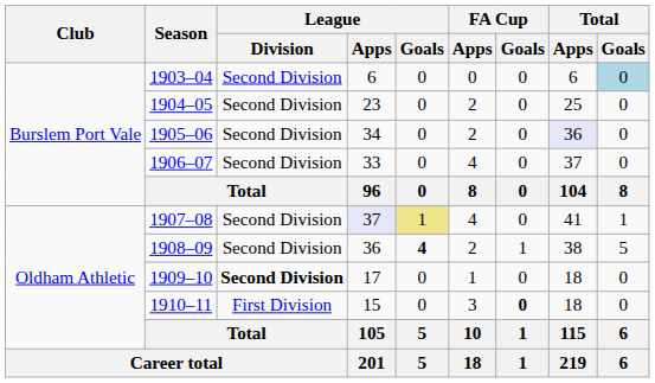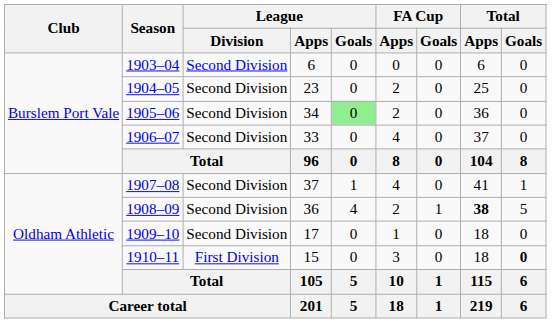 <table class="wikitable" style="text-align: center;">
 <tr>
 <th rowspan="2">Club</th>
 <th rowspan="2">Season</th>
 <th colspan="3">League</th>
 <th colspan="2">FA Cup</th>
 <th colspan="2">Total</th>
 </tr>
 <tr>
 <th>Division</th>
 <th>Apps</th>
 <th>Goals</th>
 <th>Apps</th>
 <th>Goals</th>
 <th>Apps</th>
 <th>Goals</th>
 </tr>
 <tr>
 <td rowspan="5"><a href='#'>Burslem Port Vale</a></td>
 <td><a href='#'>1903–04</a></td>
 <td><a href='#'>Second Division</a></td>
 <td>6</td>
 <td>0</td>
 <td>0</td>
 <td>0</td>
 <td>6</td>
-<td style="background: lightblue;">0</td>
+<td>0</td>
 </tr>
 <tr>
 <td><a href='#'>1904–05</a></td>
 <td>Second Division</td>
 <td>23</td>
 <td>0</td>
 <td>2</td>
 <td>0</td>
 <td>25</td>
 <td>0</td>
 </tr>
 <tr>
 <td><a href='#'>1905–06</a></td>
 <td>Second Division</td>
 <td>34</td>
-<td>0</td>
+<td style="background: lightgreen;">0</td>
 <td>2</td>
 <td>0</td>
-<td style="background: lavender;">36</td>
+<td>36</td>
 <td>0</td>
 </tr>
 <tr>
 <td><a href='#'>1906–07</a></td>
 <td>Second Division</td>
 <td>33</td>
 <td>0</td>
 <td>4</td>
 <td>0</td>
 <td>37</td>
 <td>0</td>
 </tr>
 <tr>
 <th colspan="2">Total</th>
 <th>96</th>
 <th>0</th>
 <th>8</th>
 <th>0</th>
 <th>104</th>
 <th>8</th>
 </tr>
 <tr>
 <td rowspan="5"><a href='#'>Oldham Athletic</a></td>
 <td><a href='#'>1907–08</a></td>
 <td>Second Division</td>
-<td style="background: lavender;">37</td>
-<td style="background: khaki;">1</td>
+<td>37</td>
+<td>1</td>
 <td>4</td>
 <td>0</td>
 <td>41</td>
 <td>1</td>
 </tr>
 <tr>
 <td><a href='#'>1908–09</a></td>
 <td>Second Division</td>
 <td>36</td>
-<td><strong>4</strong></td>
+<td>4</td>
 <td>2</td>
 <td>1</td>
-<td>38</td>
+<td><strong>38</strong></td>
 <td>5</td>
 </tr>
 <tr>
 <td><a href='#'>1909–10</a></td>
-<td><strong>Second Division</strong></td>
+<td>Second Division</td>
 <td>17</td>
 <td>0</td>
 <td>1</td>
 <td>0</td>
 <td>18</td>
 <td>0</td>
 </tr>
 <tr>
 <td><a href='#'>1910–11</a></td>
 <td><a href='#'>First Division</a></td>
 <td>15</td>
 <td>0</td>
 <td>3</td>
+<td>0</td>
+<td>18</td>
 <td><strong>0</strong></td>
-<td>18</td>
-<td>0</td>
 </tr>
 <tr>
 <th colspan="2">Total</th>
 <th>105</th>
 <th>5</th>
 <th>10</th>
 <th>1</th>
 <th>115</th>
 <th>6</th>
 </tr>
 <tr>
 <th colspan="3">Career total</th>
 <th>201</th>
 <th>5</th>
 <th>18</th>
 <th>1</th>
 <th>219</th>
 <th>6</th>
 </tr>
 </table>
